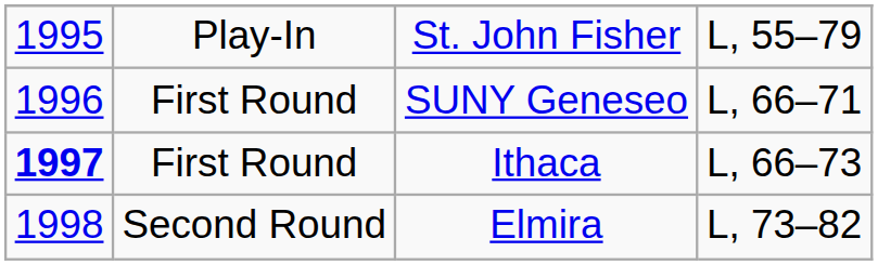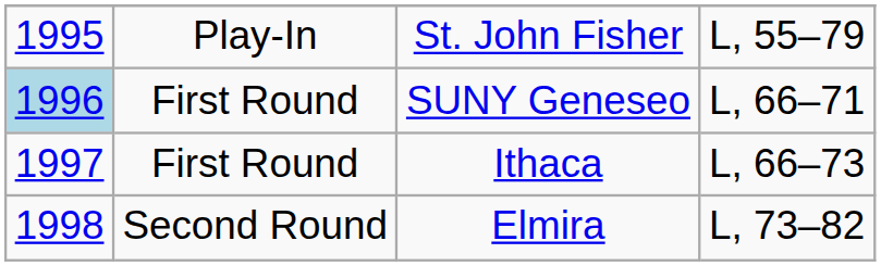 <table class="wikitable" style="text-align:center">
 <tr>
 </tr>
 <tr>
 <td><a href='#'>1995</a></td>
 <td>Play-In</td>
 <td><a href='#'>St. John Fisher</a></td>
 <td>L, 55–79</td>
 </tr>
 <tr>
-<td><a href='#'>1996</a></td>
+<td style="background: lightblue;"><a href='#'>1996</a></td>
 <td>First Round</td>
 <td><a href='#'>SUNY Geneseo</a></td>
 <td>L, 66–71</td>
 </tr>
 <tr>
-<td><strong><a href='#'>1997</a></strong></td>
+<td><a href='#'>1997</a></td>
 <td>First Round</td>
 <td><a href='#'>Ithaca</a></td>
 <td>L, 66–73</td>
 </tr>
 <tr>
 <td><a href='#'>1998</a></td>
 <td>Second Round</td>
 <td><a href='#'>Elmira</a></td>
 <td>L, 73–82</td>
 </tr>
 </table>
